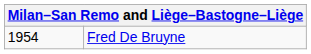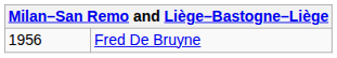 <table class="wikitable">
 <tr>
 <th colspan=2><a href='#'>Milan–San Remo</a> and <a href='#'>Liège–Bastogne–Liège</a></th>
 </tr>
 <tr>
-<td>1954</td>
+<td>1956</td>
 <td> <a href='#'>Fred De Bruyne</a></td>
 </tr>
 </table>
